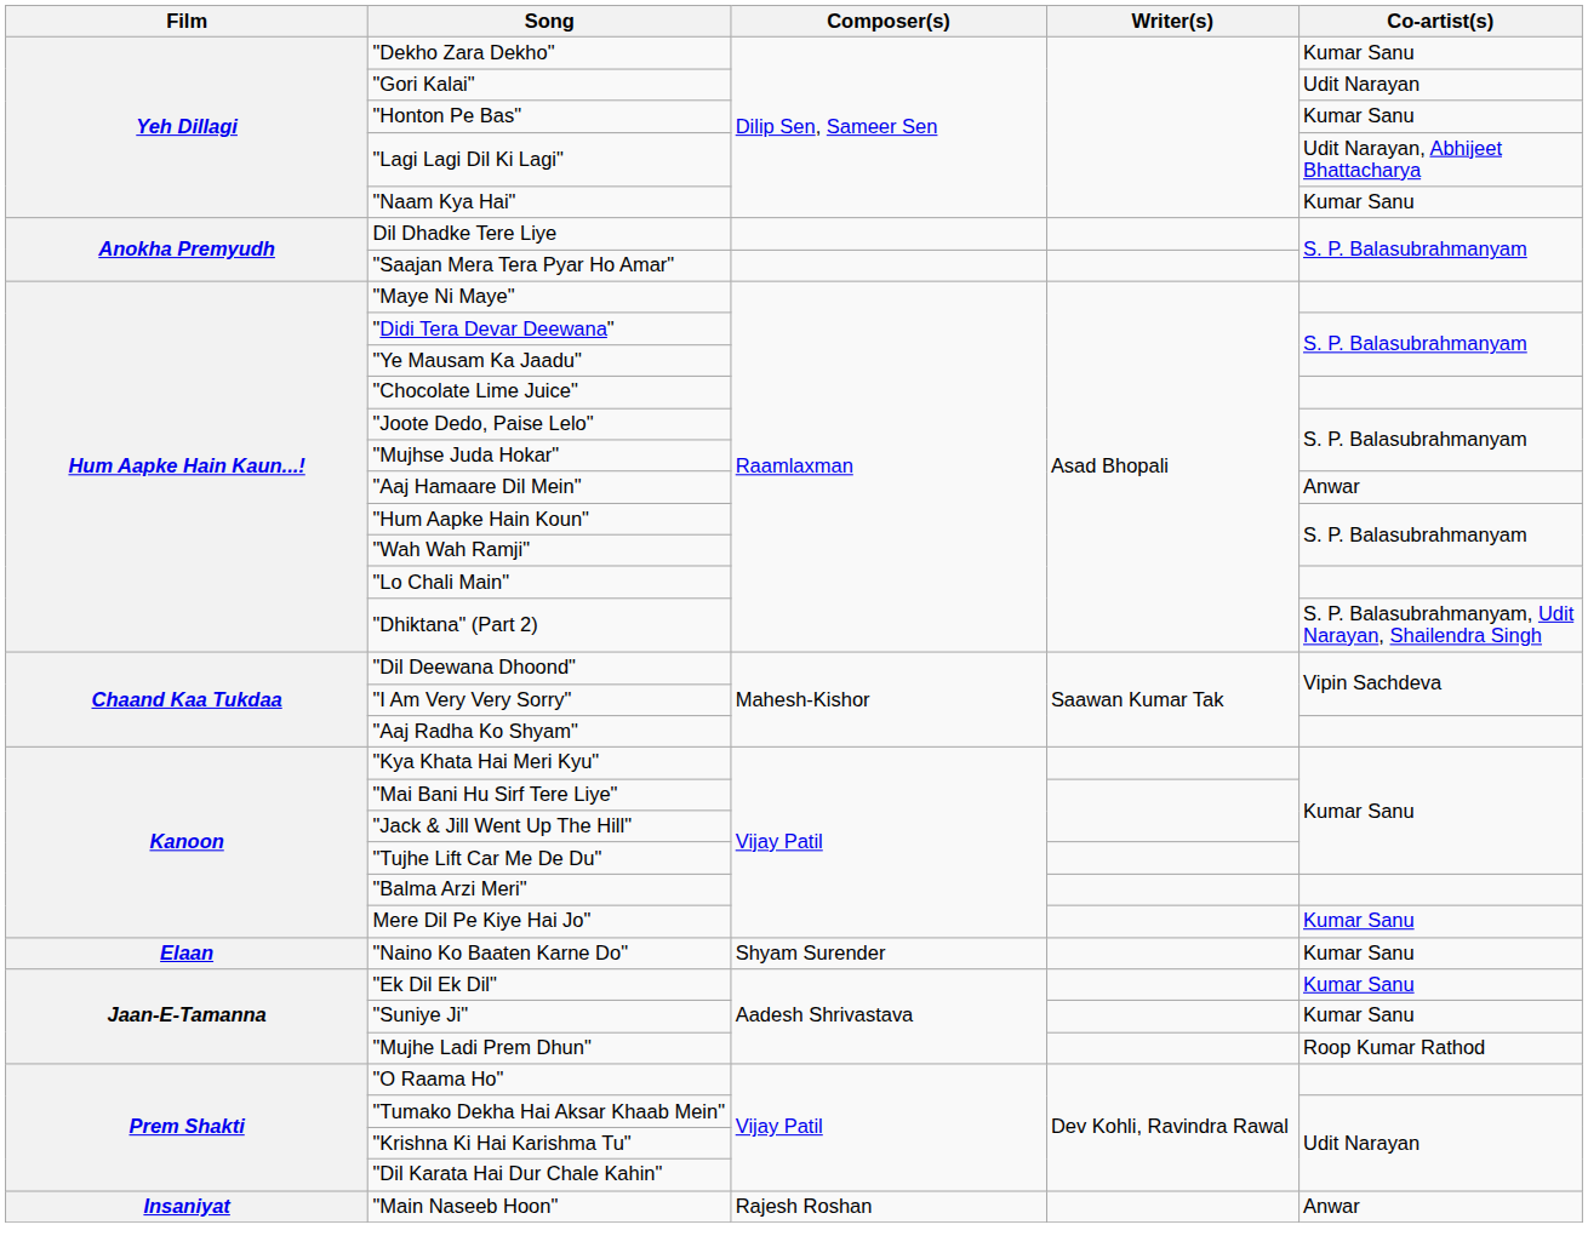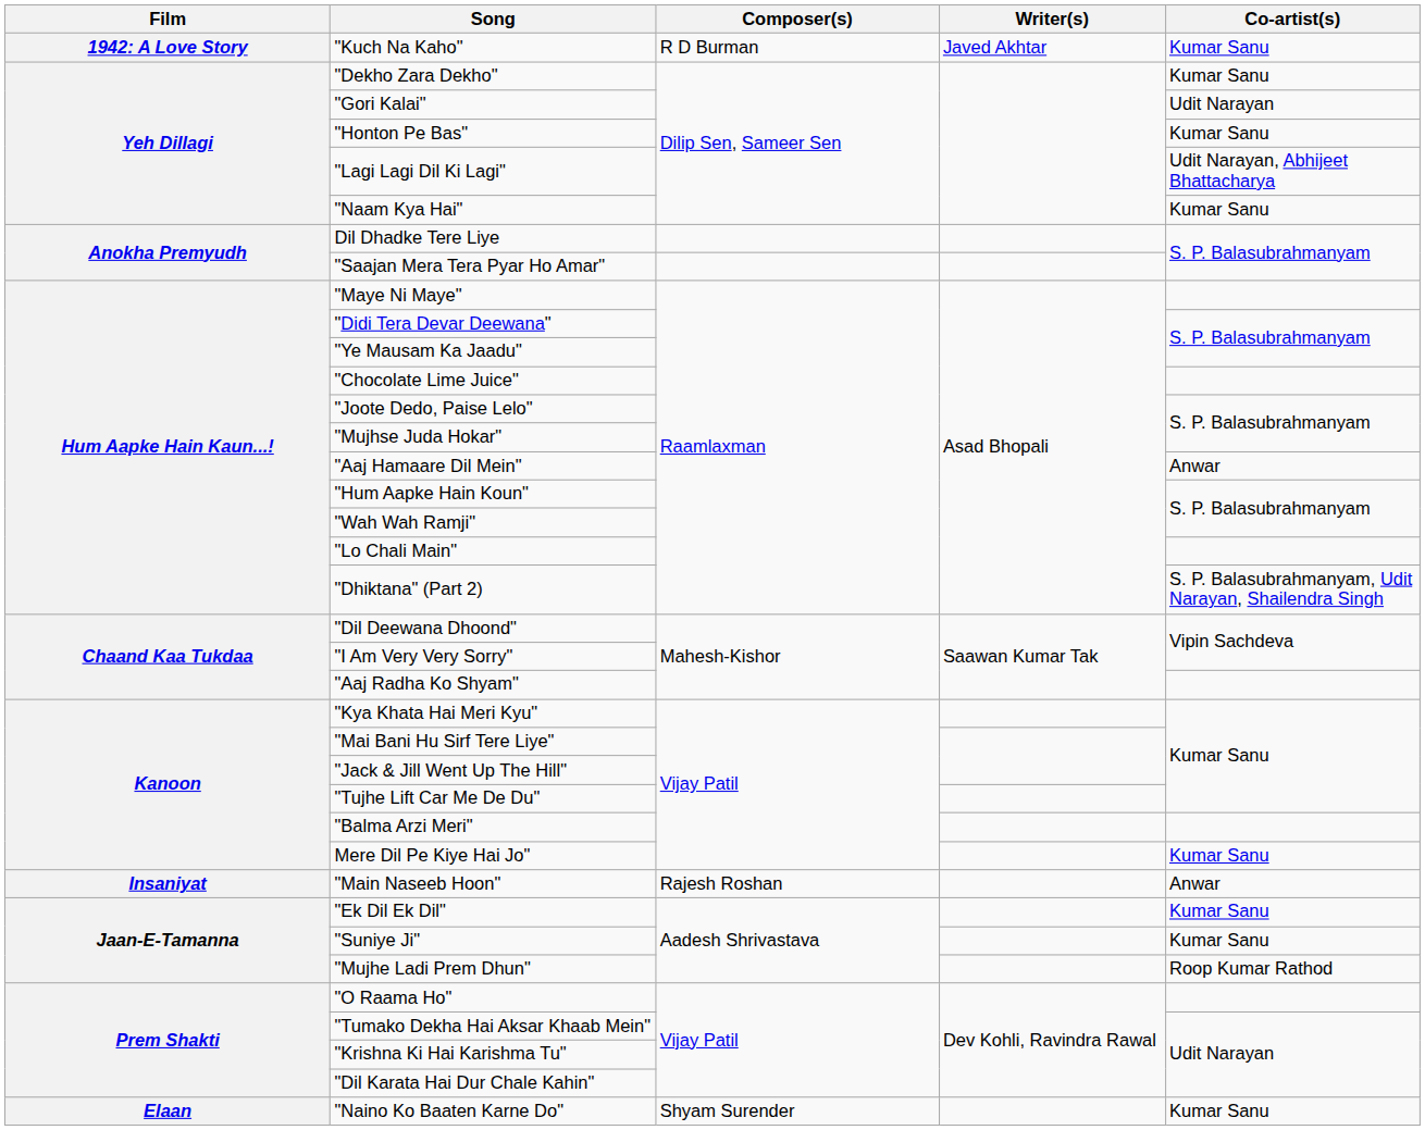 <table class="wikitable plainrowheaders" style="width:100%; textcolor:#000">
 <tr style="background:#b0e0e66;">
 <th scope="col" style="width:23%;"><strong>Film</strong></th>
 <th scope="col" style="width:23%;"><strong>Song</strong></th>
 <th scope="col" style="width:20%;"><strong>Composer(s)</strong></th>
 <th scope="col" style="width:16%;"><strong>Writer(s)</strong></th>
 <th scope="col" style="width:18%;"><strong>Co-artist(s)</strong></th>
+</tr>
+<tr>
+<th><em><a href='#'>1942: A Love Story</a></em></th>
+<td>"Kuch Na Kaho"</td>
+<td>R D Burman</td>
+<td><a href='#'>Javed Akhtar</a></td>
+<td><a href='#'>Kumar Sanu</a></td>
 </tr>
 <tr>
 <th Rowspan=5><em><a href='#'>Yeh Dillagi</a></em></th>
 <td>"Dekho Zara Dekho"</td>
 <td rowspan=5><a href='#'>Dilip Sen</a>, <a href='#'>Sameer Sen</a></td>
 <td rowspan=5></td>
 <td>Kumar Sanu</td>
 </tr>
 <tr>
 <td>"Gori Kalai"</td>
 <td>Udit Narayan</td>
 </tr>
 <tr>
 <td>"Honton Pe Bas"</td>
 <td>Kumar Sanu</td>
 </tr>
 <tr>
 <td>"Lagi Lagi Dil Ki Lagi"</td>
 <td>Udit Narayan, <a href='#'>Abhijeet Bhattacharya</a></td>
 </tr>
 <tr>
 <td>"Naam Kya Hai"</td>
 <td>Kumar Sanu</td>
 </tr>
 <tr>
 <th rowspan=2><em><a href='#'>Anokha Premyudh</a></em></th>
 <td>Dil Dhadke Tere Liye</td>
 <td></td>
 <td></td>
 <td rowspan=2><a href='#'>S. P. Balasubrahmanyam</a></td>
 </tr>
 <tr>
 <td>"Saajan Mera Tera Pyar Ho Amar"</td>
 <td></td>
 <td></td>
 </tr>
 <tr>
 <th Rowspan=11><em><a href='#'>Hum Aapke Hain Kaun...!</a></em></th>
 <td>"Maye Ni Maye"</td>
 <td rowspan=11><a href='#'>Raamlaxman</a></td>
 <td rowspan=11>Asad Bhopali</td>
 <td></td>
 </tr>
 <tr>
 <td>"<a href='#'>Didi Tera Devar Deewana</a>"</td>
 <td rowspan=2><a href='#'>S. P. Balasubrahmanyam</a></td>
 </tr>
 <tr>
 <td>"Ye Mausam Ka Jaadu"</td>
 </tr>
 <tr>
 <td>"Chocolate Lime Juice"</td>
 <td></td>
 </tr>
 <tr>
 <td>"Joote Dedo, Paise Lelo"</td>
 <td rowspan=2>S. P. Balasubrahmanyam</td>
 </tr>
 <tr>
 <td>"Mujhse Juda Hokar"</td>
 </tr>
 <tr>
 <td>"Aaj Hamaare Dil Mein"</td>
 <td>Anwar</td>
 </tr>
 <tr>
 <td>"Hum Aapke Hain Koun"</td>
 <td rowspan=2>S. P. Balasubrahmanyam</td>
 </tr>
 <tr>
 <td>"Wah Wah Ramji"</td>
 </tr>
 <tr>
 <td>"Lo Chali Main"</td>
 <td></td>
 </tr>
 <tr>
 <td>"Dhiktana" (Part 2)</td>
 <td>S. P. Balasubrahmanyam, <a href='#'>Udit Narayan</a>, <a href='#'>Shailendra Singh</a></td>
 </tr>
 <tr>
 <th Rowspan=3><em><a href='#'>Chaand Kaa Tukdaa</a></em></th>
 <td>"Dil Deewana Dhoond"</td>
 <td rowspan=3>Mahesh-Kishor</td>
 <td rowspan=3>Saawan Kumar Tak</td>
 <td rowspan=2>Vipin Sachdeva</td>
 </tr>
 <tr>
 <td>"I Am Very Very Sorry"</td>
 </tr>
 <tr>
 <td>"Aaj Radha Ko Shyam"</td>
 <td></td>
 </tr>
 <tr>
 <th Rowspan=6><em><a href='#'>Kanoon</a></em></th>
 <td>"Kya Khata Hai Meri Kyu"</td>
 <td rowspan=6><a href='#'>Vijay Patil</a></td>
 <td></td>
 <td rowspan=4>Kumar Sanu</td>
 </tr>
 <tr>
 <td>"Mai Bani Hu Sirf Tere Liye"</td>
 </tr>
 <tr>
 <td>"Jack & Jill Went Up The Hill"</td>
 </tr>
 <tr>
 <td>"Tujhe Lift Car Me De Du"</td>
 <td></td>
 </tr>
 <tr>
 <td>"Balma Arzi Meri"</td>
 <td></td>
 </tr>
 <tr>
 <td>Mere Dil Pe Kiye Hai Jo"</td>
 <td></td>
 <td><a href='#'>Kumar Sanu</a></td>
 </tr>
 <tr>
-<th><em><a href='#'>Elaan</a></em></th>
-<td>"Naino Ko Baaten Karne Do"</td>
-<td>Shyam Surender</td>
+<th><em><a href='#'>Insaniyat</a></em></th>
+<td>"Main Naseeb Hoon"</td>
+<td>Rajesh Roshan</td>
 <td></td>
-<td>Kumar Sanu</td>
+<td>Anwar</td>
 </tr>
 <tr>
 <th Rowspan=3><em>Jaan-E-Tamanna</em></th>
 <td>"Ek Dil Ek Dil"</td>
 <td rowspan=3>Aadesh Shrivastava</td>
 <td></td>
 <td><a href='#'>Kumar Sanu</a></td>
 </tr>
 <tr>
 <td>"Suniye Ji"</td>
 <td></td>
 <td>Kumar Sanu</td>
 </tr>
 <tr>
 <td>"Mujhe Ladi Prem Dhun"</td>
 <td></td>
 <td>Roop Kumar Rathod</td>
 </tr>
 <tr>
 <th Rowspan=4><em><a href='#'>Prem Shakti</a></em></th>
 <td>"O Raama Ho"</td>
 <td rowspan=4><a href='#'>Vijay Patil</a></td>
 <td rowspan=4>Dev Kohli, Ravindra Rawal</td>
 <td></td>
 </tr>
 <tr>
 <td>"Tumako Dekha Hai Aksar Khaab Mein"</td>
 <td rowspan=3>Udit Narayan</td>
 </tr>
 <tr>
 <td>"Krishna Ki Hai Karishma Tu"</td>
 </tr>
 <tr>
 <td>"Dil Karata Hai Dur Chale Kahin"</td>
 </tr>
 <tr>
-<th><em><a href='#'>Insaniyat</a></em></th>
-<td>"Main Naseeb Hoon"</td>
-<td>Rajesh Roshan</td>
+<th><em><a href='#'>Elaan</a></em></th>
+<td>"Naino Ko Baaten Karne Do"</td>
+<td>Shyam Surender</td>
 <td></td>
-<td>Anwar</td>
+<td>Kumar Sanu</td>
 </tr>
 </table>
